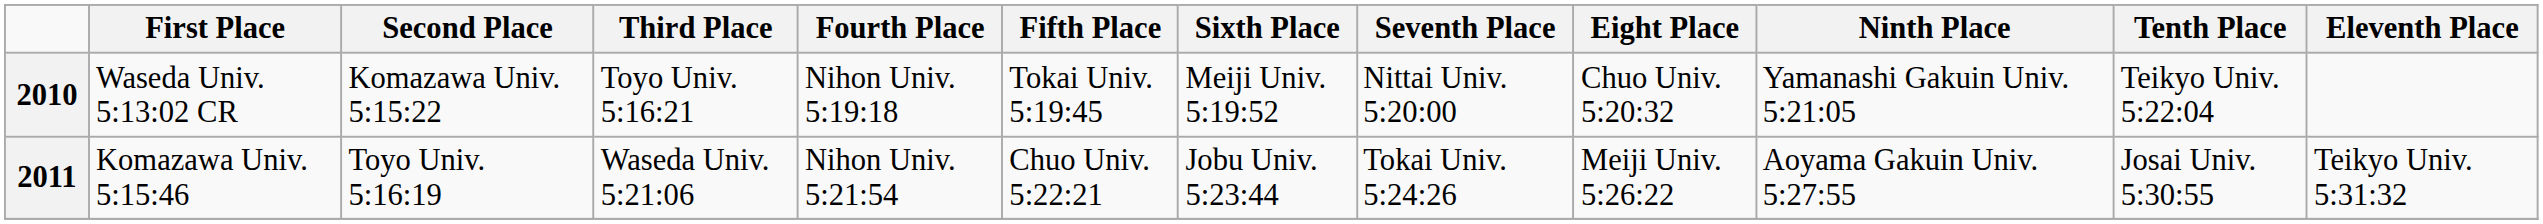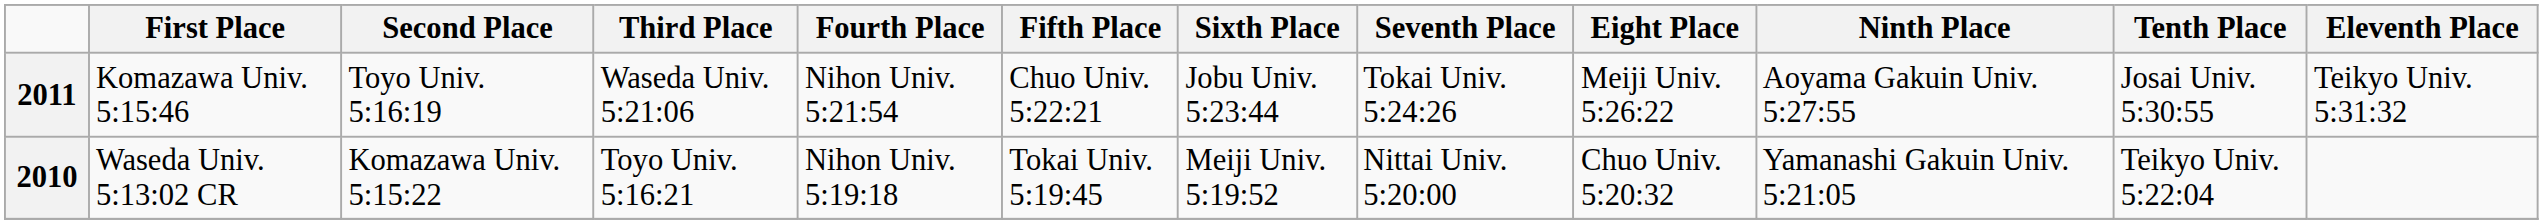 <table class="wikitable" style="text-align:left; width:105%; align:top;">
 <tr>
 <td></td>
 <th scope="col">First Place</th>
 <th scope="col">Second Place</th>
 <th scope="col">Third Place</th>
 <th scope="col">Fourth Place</th>
 <th scope="col">Fifth Place</th>
 <th scope="col">Sixth Place</th>
 <th scope="col">Seventh Place</th>
 <th scope="col">Eight Place</th>
 <th scope="col">Ninth Place</th>
 <th scope="col">Tenth Place</th>
 <th scope="col">Eleventh Place</th>
 </tr>
 <tr>
+<th scope="row">2011</th>
+<td>Komazawa Univ.<br>5:15:46</td>
+<td>Toyo Univ.<br>5:16:19</td>
+<td>Waseda Univ.<br>5:21:06</td>
+<td>Nihon Univ.<br>5:21:54</td>
+<td>Chuo Univ.<br>5:22:21</td>
+<td>Jobu Univ.<br>5:23:44</td>
+<td>Tokai Univ.<br>5:24:26</td>
+<td>Meiji Univ.<br>5:26:22</td>
+<td>Aoyama Gakuin Univ.<br>5:27:55</td>
+<td>Josai Univ.<br>5:30:55</td>
+<td>Teikyo Univ.<br>5:31:32</td>
+</tr>
+<tr>
 <th scope="row">2010</th>
 <td>Waseda Univ.<br>5:13:02 CR</td>
 <td>Komazawa Univ.<br>5:15:22</td>
 <td>Toyo Univ.<br>5:16:21</td>
 <td>Nihon Univ.<br>5:19:18</td>
 <td>Tokai Univ.<br>5:19:45</td>
 <td>Meiji Univ.<br>5:19:52</td>
 <td>Nittai Univ.<br>5:20:00</td>
 <td>Chuo Univ.<br>5:20:32</td>
 <td>Yamanashi Gakuin Univ.<br>5:21:05</td>
 <td>Teikyo Univ.<br>5:22:04</td>
 <td></td>
 </tr>
 <tr>
-<th scope="row">2011</th>
-<td>Komazawa Univ.<br>5:15:46</td>
-<td>Toyo Univ.<br>5:16:19</td>
-<td>Waseda Univ.<br>5:21:06</td>
-<td>Nihon Univ.<br>5:21:54</td>
-<td>Chuo Univ.<br>5:22:21</td>
-<td>Jobu Univ.<br>5:23:44</td>
-<td>Tokai Univ.<br>5:24:26</td>
-<td>Meiji Univ.<br>5:26:22</td>
-<td>Aoyama Gakuin Univ.<br>5:27:55</td>
-<td>Josai Univ.<br>5:30:55</td>
-<td>Teikyo Univ.<br>5:31:32</td>
-</tr>
-<tr>
 </tr>
 </table>
